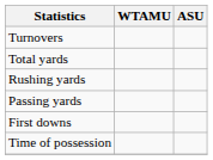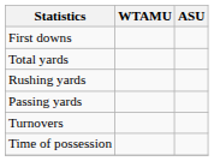 <table class="wikitable" style="float: left;">
 <tr>
 <th>Statistics</th>
 <th>WTAMU</th>
 <th>ASU</th>
 </tr>
 <tr>
-<td>Turnovers</td>
+<td>First downs</td>
 <td></td>
 <td></td>
 </tr>
 <tr>
 <td>Total yards</td>
 <td></td>
 <td></td>
 </tr>
 <tr>
 <td>Rushing yards</td>
 <td></td>
 <td></td>
 </tr>
 <tr>
 <td>Passing yards</td>
 <td></td>
 <td></td>
 </tr>
 <tr>
-<td>First downs</td>
+<td>Turnovers</td>
 <td></td>
 <td></td>
 </tr>
 <tr>
 <td>Time of possession</td>
 <td></td>
 <td></td>
 </tr>
 <tr>
 </tr>
 </table>
